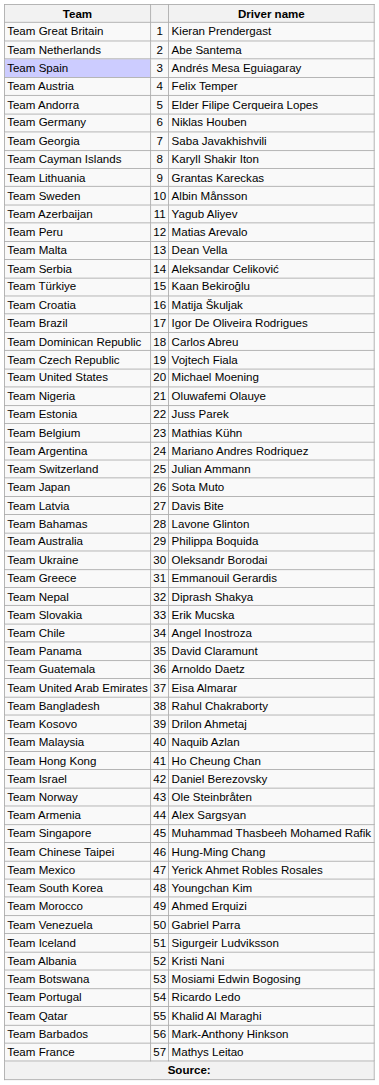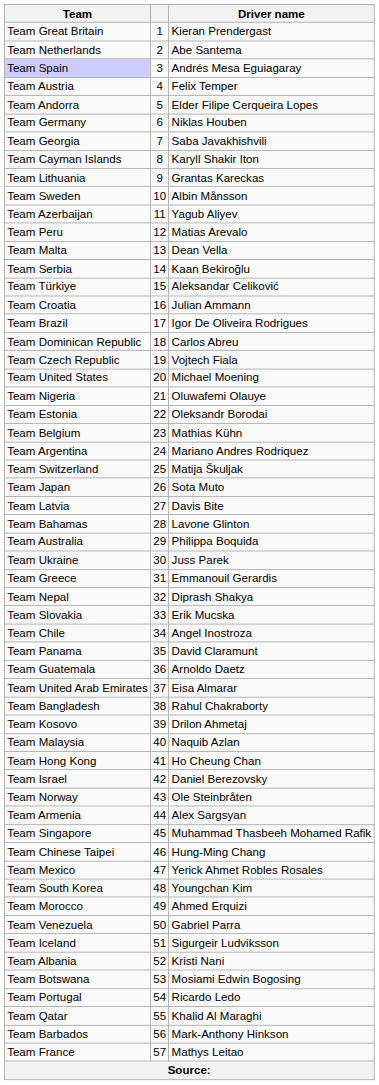 <table class="wikitable" style="font-size: 85%;">
 <tr>
 <th>Team</th>
 <th></th>
 <th>Driver name</th>
 </tr>
 <tr>
 <td> Team Great Britain</td>
 <td align="center">1</td>
 <td>Kieran Prendergast</td>
 </tr>
 <tr>
 <td> Team Netherlands</td>
 <td align="center">2</td>
 <td>Abe Santema</td>
 </tr>
 <tr>
 <td style="background:#ccccff"> Team Spain</td>
 <td align="center">3</td>
 <td>Andrés Mesa Eguiagaray</td>
 </tr>
 <tr>
 <td> Team Austria</td>
 <td align="center">4</td>
 <td>Felix Temper</td>
 </tr>
 <tr>
 <td> Team Andorra</td>
 <td align="center">5</td>
 <td>Elder Filipe Cerqueira Lopes</td>
 </tr>
 <tr>
 <td> Team Germany</td>
 <td align="center">6</td>
 <td>Niklas Houben</td>
 </tr>
 <tr>
 <td> Team Georgia</td>
 <td align="center">7</td>
 <td>Saba Javakhishvili</td>
 </tr>
 <tr>
 <td> Team Cayman Islands</td>
 <td align="center">8</td>
 <td>Karyll Shakir Iton</td>
 </tr>
 <tr>
 <td> Team Lithuania</td>
 <td align="center">9</td>
 <td>Grantas Kareckas</td>
 </tr>
 <tr>
 <td> Team Sweden</td>
 <td align="center">10</td>
 <td>Albin Månsson</td>
 </tr>
 <tr>
 <td> Team Azerbaijan</td>
 <td align="center">11</td>
 <td>Yagub Aliyev</td>
 </tr>
 <tr>
 <td> Team Peru</td>
 <td align="center">12</td>
 <td>Matias Arevalo</td>
 </tr>
 <tr>
 <td> Team Malta</td>
 <td align="center">13</td>
 <td>Dean Vella</td>
 </tr>
 <tr>
 <td> Team Serbia</td>
 <td align="center">14</td>
-<td>Aleksandar Celiković</td>
+<td>Kaan Bekiroğlu</td>
 </tr>
 <tr>
 <td> Team Türkiye</td>
 <td align="center">15</td>
-<td>Kaan Bekiroğlu</td>
+<td>Aleksandar Celiković</td>
 </tr>
 <tr>
 <td> Team Croatia</td>
 <td align="center">16</td>
-<td>Matija Škuljak</td>
+<td>Julian Ammann</td>
 </tr>
 <tr>
 <td> Team Brazil</td>
 <td align="center">17</td>
 <td>Igor De Oliveira Rodrigues</td>
 </tr>
 <tr>
 <td> Team Dominican Republic</td>
 <td align="center">18</td>
 <td>Carlos Abreu</td>
 </tr>
 <tr>
 <td> Team Czech Republic</td>
 <td align="center">19</td>
 <td>Vojtech Fiala</td>
 </tr>
 <tr>
 <td> Team United States</td>
 <td align="center">20</td>
 <td>Michael Moening</td>
 </tr>
 <tr>
 <td> Team Nigeria</td>
 <td align="center">21</td>
 <td>Oluwafemi Olauye</td>
 </tr>
 <tr>
 <td> Team Estonia</td>
 <td align="center">22</td>
-<td>Juss Parek</td>
+<td>Oleksandr Borodai</td>
 </tr>
 <tr>
 <td> Team Belgium</td>
 <td align="center">23</td>
 <td>Mathias Kühn</td>
 </tr>
 <tr>
 <td> Team Argentina</td>
 <td align="center">24</td>
 <td>Mariano Andres Rodriquez</td>
 </tr>
 <tr>
 <td> Team Switzerland</td>
 <td align="center">25</td>
-<td>Julian Ammann</td>
+<td>Matija Škuljak</td>
 </tr>
 <tr>
 <td> Team Japan</td>
 <td align="center">26</td>
 <td>Sota Muto</td>
 </tr>
 <tr>
 <td> Team Latvia</td>
 <td align="center">27</td>
 <td>Davis Bite</td>
 </tr>
 <tr>
 <td> Team Bahamas</td>
 <td align="center">28</td>
 <td>Lavone Glinton</td>
 </tr>
 <tr>
 <td> Team Australia</td>
 <td align="center">29</td>
 <td>Philippa Boquida</td>
 </tr>
 <tr>
 <td> Team Ukraine</td>
 <td align="center">30</td>
-<td>Oleksandr Borodai</td>
+<td>Juss Parek</td>
 </tr>
 <tr>
 <td> Team Greece</td>
 <td align="center">31</td>
 <td>Emmanouil Gerardis</td>
 </tr>
 <tr>
 <td> Team Nepal</td>
 <td align="center">32</td>
 <td>Diprash Shakya</td>
 </tr>
 <tr>
 <td> Team Slovakia</td>
 <td align="center">33</td>
 <td>Erik Mucska</td>
 </tr>
 <tr>
 <td> Team Chile</td>
 <td align="center">34</td>
 <td>Angel Inostroza</td>
 </tr>
 <tr>
 <td> Team Panama</td>
 <td align="center">35</td>
 <td>David Claramunt</td>
 </tr>
 <tr>
 <td> Team Guatemala</td>
 <td align="center">36</td>
 <td>Arnoldo Daetz</td>
 </tr>
 <tr>
 <td> Team United Arab Emirates</td>
 <td align="center">37</td>
 <td>Eisa Almarar</td>
 </tr>
 <tr>
 <td> Team Bangladesh</td>
 <td align="center">38</td>
 <td>Rahul Chakraborty</td>
 </tr>
 <tr>
 <td> Team Kosovo</td>
 <td align="center">39</td>
 <td>Drilon Ahmetaj</td>
 </tr>
 <tr>
 <td> Team Malaysia</td>
 <td align="center">40</td>
 <td>Naquib Azlan</td>
 </tr>
 <tr>
 <td> Team Hong Kong</td>
 <td align="center">41</td>
 <td>Ho Cheung Chan</td>
 </tr>
 <tr>
 <td> Team Israel</td>
 <td align="center">42</td>
 <td>Daniel Berezovsky</td>
 </tr>
 <tr>
 <td> Team Norway</td>
 <td align="center">43</td>
 <td>Ole Steinbråten</td>
 </tr>
 <tr>
 <td> Team Armenia</td>
 <td align="center">44</td>
 <td>Alex Sargsyan</td>
 </tr>
 <tr>
 <td> Team Singapore</td>
 <td align="center">45</td>
 <td>Muhammad Thasbeeh Mohamed Rafik</td>
 </tr>
 <tr>
 <td> Team Chinese Taipei</td>
 <td align="center">46</td>
 <td>Hung-Ming Chang</td>
 </tr>
 <tr>
 <td> Team Mexico</td>
 <td align="center">47</td>
 <td>Yerick Ahmet Robles Rosales</td>
 </tr>
 <tr>
 <td> Team South Korea</td>
 <td align="center">48</td>
 <td>Youngchan Kim</td>
 </tr>
 <tr>
 <td> Team Morocco</td>
 <td align="center">49</td>
 <td>Ahmed Erquizi</td>
 </tr>
 <tr>
 <td> Team Venezuela</td>
 <td align="center">50</td>
 <td>Gabriel Parra</td>
 </tr>
 <tr>
 <td> Team Iceland</td>
 <td align="center">51</td>
 <td>Sigurgeir Ludviksson</td>
 </tr>
 <tr>
 <td> Team Albania</td>
 <td align="center">52</td>
 <td>Kristi Nani</td>
 </tr>
 <tr>
 <td> Team Botswana</td>
 <td align="center">53</td>
 <td>Mosiami Edwin Bogosing</td>
 </tr>
 <tr>
 <td> Team Portugal</td>
 <td align="center">54</td>
 <td>Ricardo Ledo</td>
 </tr>
 <tr>
 <td> Team Qatar</td>
 <td align="center">55</td>
 <td>Khalid Al Maraghi</td>
 </tr>
 <tr>
 <td> Team Barbados</td>
 <td align="center">56</td>
 <td>Mark-Anthony Hinkson</td>
 </tr>
 <tr>
 <td> Team France</td>
 <td align="center">57</td>
 <td>Mathys Leitao</td>
 </tr>
 <tr>
 <th colspan=4>Source:</th>
 </tr>
 </table>
